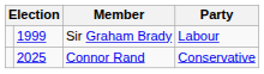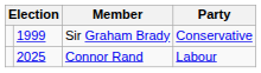 <table class="wikitable">
 <tr>
 <th colspan="2">Election</th>
 <th>Member</th>
 <th>Party</th>
 </tr>
 <tr>
 <td style="color:inherit;background-color: "></td>
 <td><a href='#'>1999</a></td>
 <td>Sir <a href='#'>Graham Brady</a></td>
-<td><a href='#'>Labour</a></td>
+<td><a href='#'>Conservative</a></td>
 </tr>
 <tr>
 <td style="color:inherit;background-color: "></td>
 <td><a href='#'>2025</a></td>
 <td><a href='#'>Connor Rand</a></td>
-<td><a href='#'>Conservative</a></td>
+<td><a href='#'>Labour</a></td>
 </tr>
 </table>
